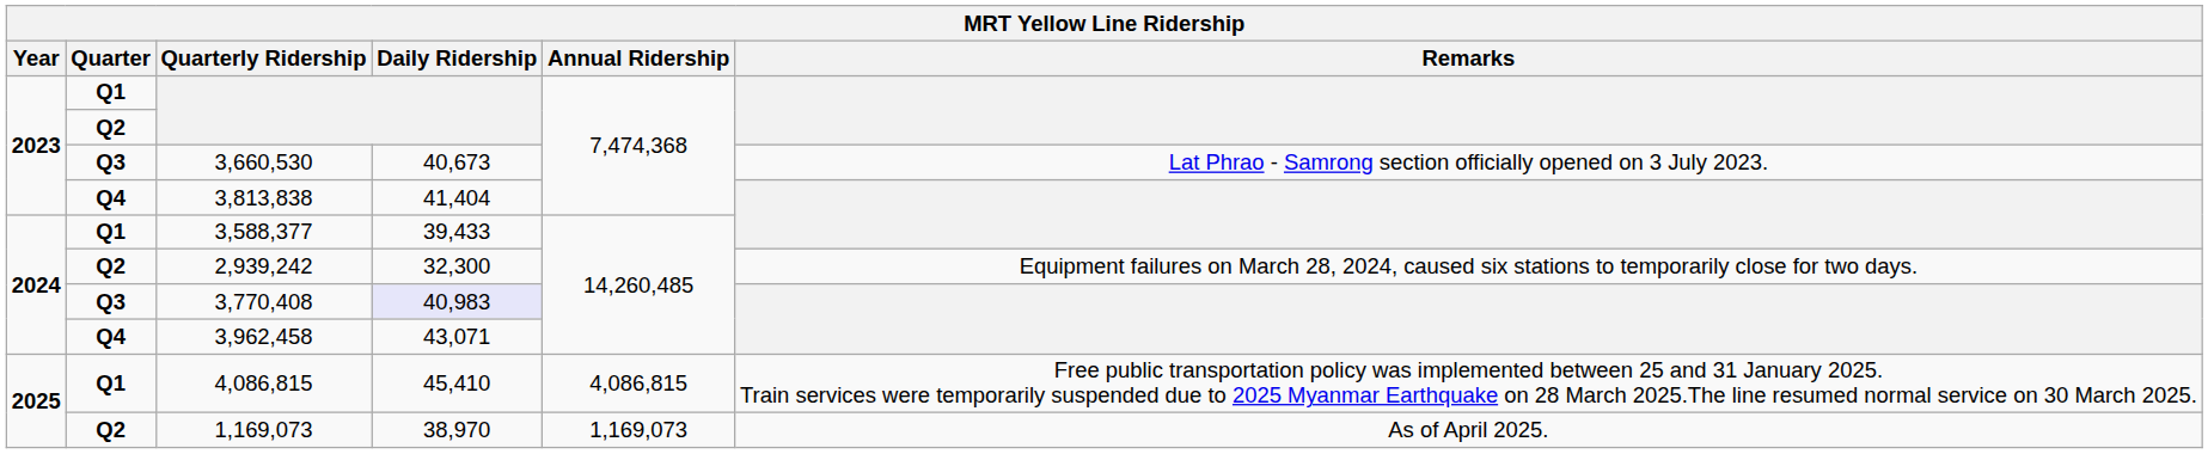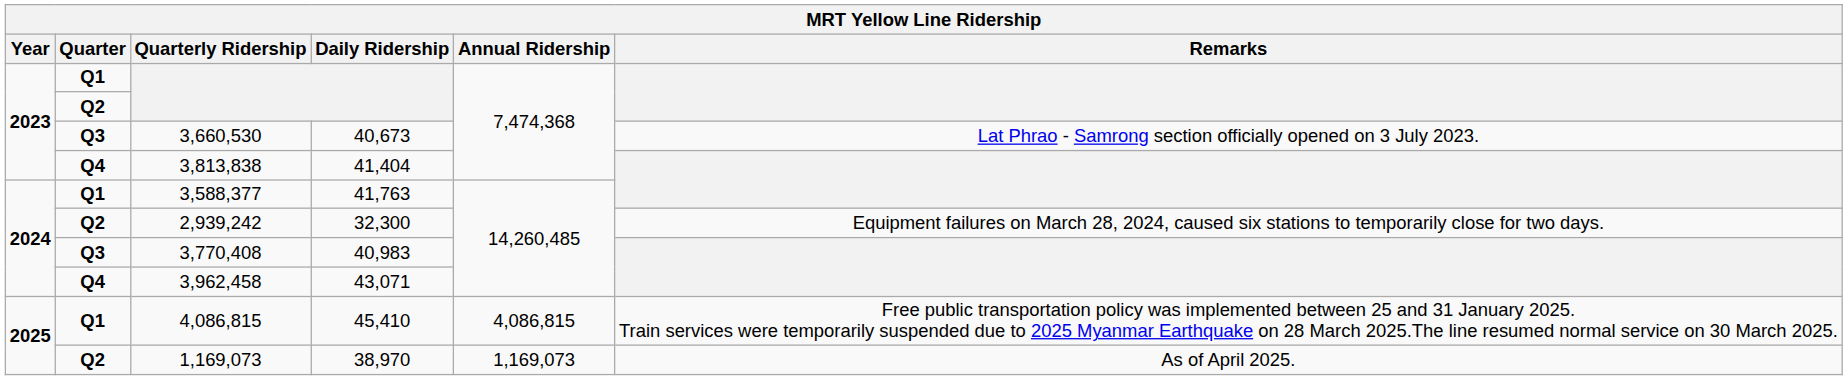 <table class="wikitable" style="margin:auto;font-align:center;text-align:center;font-size:90%;">
 <tr>
 <th colspan="6" align="center" style="background:#">MRT Yellow Line Ridership</th>
 </tr>
 <tr>
 <th style="background:#">Year</th>
 <th style="background:#">Quarter</th>
 <th style="background:#">Quarterly Ridership</th>
 <th style="background:#">Daily Ridership</th>
 <th style="background:#"><strong>Annual Ridership</strong></th>
 <th style="background:#">Remarks</th>
 </tr>
 <tr>
 <td rowspan="4"><strong>2023</strong></td>
 <td><strong>Q1</strong></td>
 <th colspan="2" rowspan="2"></th>
 <td rowspan="4">7,474,368</td>
 <th rowspan="2"></th>
 </tr>
 <tr>
 <td><strong>Q2</strong></td>
 </tr>
 <tr>
 <td><strong>Q3</strong></td>
 <td>3,660,530</td>
 <td>40,673</td>
 <td><a href='#'>Lat Phrao</a> - <a href='#'>Samrong</a> section officially opened on 3 July 2023.</td>
 </tr>
 <tr>
 <td><strong>Q4</strong></td>
 <td>3,813,838</td>
 <td>41,404</td>
 <th rowspan="2"></th>
 </tr>
 <tr>
 <td rowspan="4"><strong>2024</strong></td>
 <td><strong>Q1</strong></td>
 <td>3,588,377</td>
-<td>39,433</td>
+<td>41,763</td>
 <td rowspan="4">14,260,485</td>
 </tr>
 <tr>
 <td><strong>Q2</strong></td>
 <td>2,939,242</td>
 <td>32,300</td>
 <td>Equipment failures on March 28, 2024, caused six stations to temporarily close for two days.</td>
 </tr>
 <tr>
 <td><strong>Q3</strong></td>
 <td>3,770,408</td>
-<td style="background: lavender;">40,983</td>
+<td>40,983</td>
 <th rowspan="2"></th>
 </tr>
 <tr>
 <td><strong>Q4</strong></td>
 <td>3,962,458</td>
 <td>43,071</td>
 </tr>
 <tr>
 <td rowspan="2"><strong>2025</strong></td>
 <td><strong>Q1</strong></td>
 <td>4,086,815</td>
 <td>45,410</td>
 <td>4,086,815</td>
 <td>Free public transportation policy was implemented between 25 and 31 January 2025.<br>Train services were temporarily suspended due to <a href='#'>2025 Myanmar Earthquake</a> on 28 March 2025.The line resumed normal service on 30 March 2025.</td>
 </tr>
 <tr>
 <td><strong>Q2</strong></td>
 <td>1,169,073</td>
 <td>38,970</td>
 <td>1,169,073</td>
 <td>As of April 2025.</td>
 </tr>
 </table>
